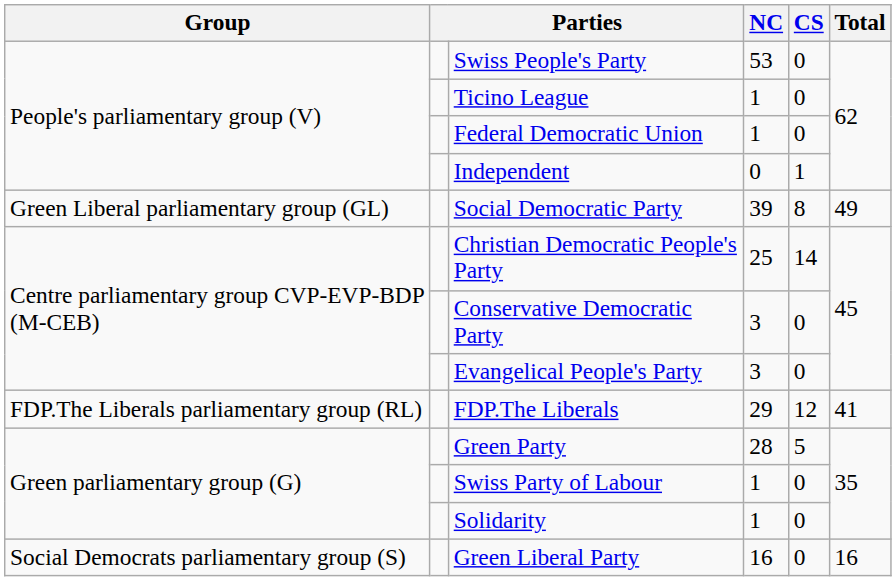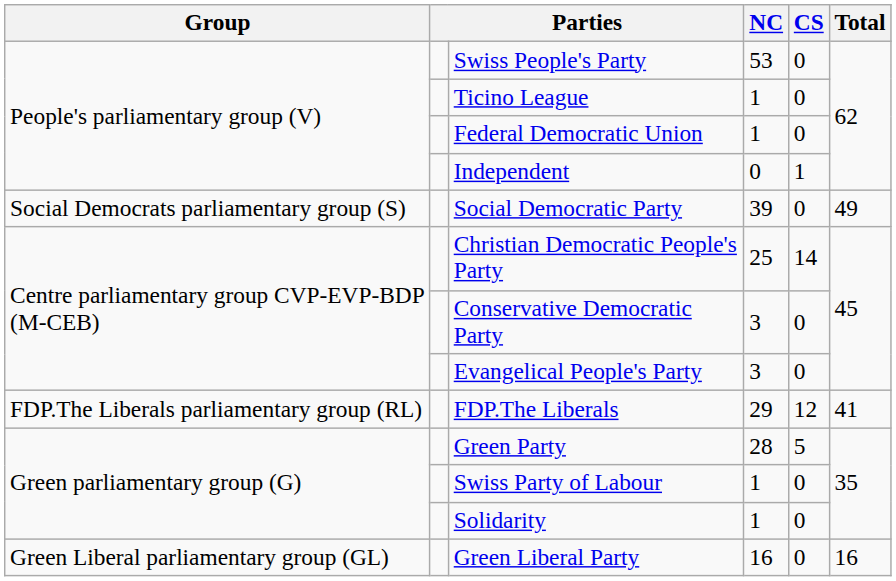 <table class="wikitable sortable">
 <tr>
 <th>Group</th>
 <th colspan=2>Parties</th>
 <th><a href='#'>NC</a></th>
 <th><a href='#'>CS</a></th>
 <th>Total</th>
 </tr>
 <tr>
 <td rowspan=4>People's parliamentary group (V)</td>
 <td width=5px style="background-color: "></td>
 <td><a href='#'>Swiss People's Party</a></td>
 <td>53</td>
 <td>0</td>
 <td rowspan=4>62</td>
 </tr>
 <tr>
 <td width=5px style="background-color: "></td>
 <td><a href='#'>Ticino League</a></td>
 <td>1</td>
 <td>0</td>
 </tr>
 <tr>
 <td width=5px style="background-color: "></td>
 <td><a href='#'>Federal Democratic Union</a></td>
 <td>1</td>
 <td>0</td>
 </tr>
 <tr>
 <td width=5px style="background-color: "></td>
 <td><a href='#'>Independent</a></td>
 <td>0</td>
 <td>1</td>
 </tr>
 <tr>
-<td rowspan=1>Green Liberal parliamentary group (GL)</td>
+<td>Social Democrats parliamentary group (S)</td>
 <td width=5px style="background-color: "></td>
 <td><a href='#'>Social Democratic Party</a></td>
 <td>39</td>
-<td>8</td>
+<td>0</td>
 <td>49</td>
 </tr>
 <tr>
 <td rowspan=3>Centre parliamentary group CVP-EVP-BDP (M-CEB)</td>
 <td width=5px style="background-color: "></td>
 <td><a href='#'>Christian Democratic People's Party</a></td>
 <td>25</td>
 <td>14</td>
 <td rowspan=3>45</td>
 </tr>
 <tr>
 <td width=5px style="background-color: "></td>
 <td><a href='#'>Conservative Democratic Party</a></td>
 <td>3</td>
 <td>0</td>
 </tr>
 <tr>
 <td width=5px style="background-color: "></td>
 <td><a href='#'>Evangelical People's Party</a></td>
 <td>3</td>
 <td>0</td>
 </tr>
 <tr>
 <td>FDP.The Liberals parliamentary group (RL)</td>
 <td width=5px style="background-color: "></td>
 <td><a href='#'>FDP.The Liberals</a></td>
 <td>29</td>
 <td>12</td>
 <td>41</td>
 </tr>
 <tr>
 <td rowspan=3>Green parliamentary group (G)</td>
 <td width=5px style="background-color: "></td>
 <td><a href='#'>Green Party</a></td>
 <td>28</td>
 <td>5</td>
 <td rowspan=3>35</td>
 </tr>
 <tr>
 <td width=5px style="background-color: "></td>
 <td><a href='#'>Swiss Party of Labour</a></td>
 <td>1</td>
 <td>0</td>
 </tr>
 <tr>
 <td width=5px style="background-color: "></td>
 <td><a href='#'>Solidarity</a></td>
 <td>1</td>
 <td>0</td>
 </tr>
 <tr>
-<td>Social Democrats parliamentary group (S)</td>
+<td rowspan=1>Green Liberal parliamentary group (GL)</td>
 <td width=5px style="background-color: "></td>
 <td><a href='#'>Green Liberal Party</a></td>
 <td>16</td>
 <td>0</td>
 <td>16</td>
 </tr>
 </table>
